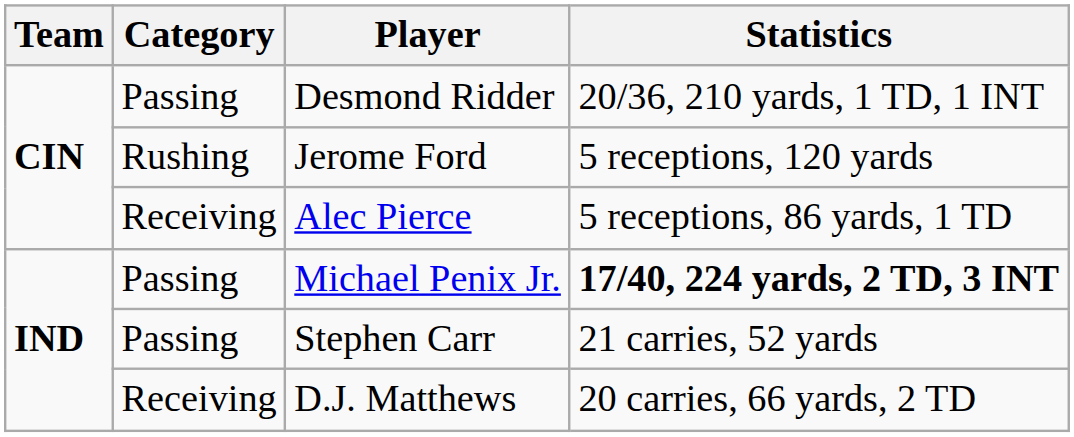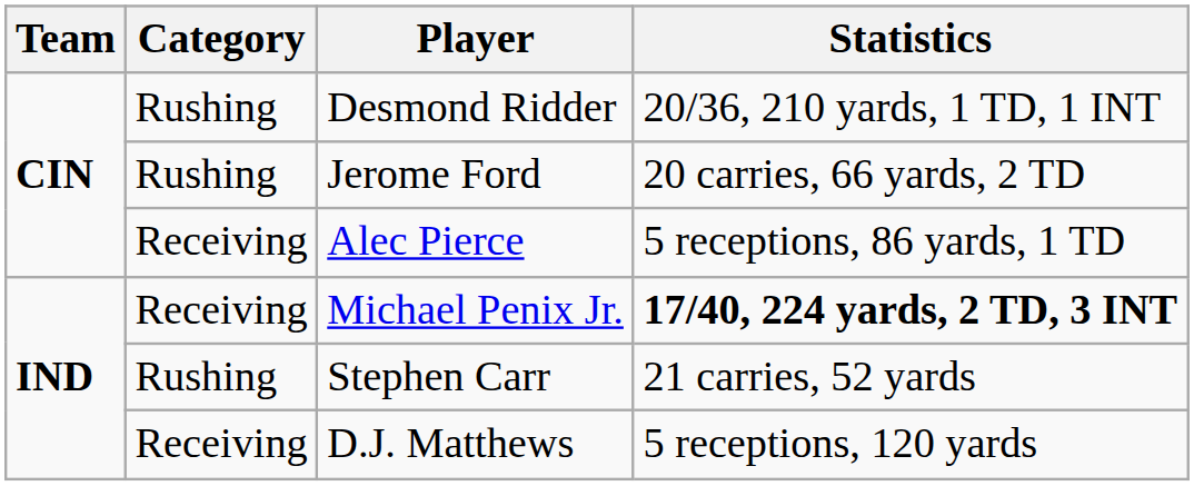 <table class="wikitable" style="float: left;">
 <tr>
 <th>Team</th>
 <th>Category</th>
 <th>Player</th>
 <th>Statistics</th>
 </tr>
 <tr>
 <td rowspan=3><strong>CIN</strong></td>
-<td>Passing</td>
+<td>Rushing</td>
 <td>Desmond Ridder</td>
 <td>20/36, 210 yards, 1 TD, 1 INT</td>
 </tr>
 <tr>
 <td>Rushing</td>
 <td>Jerome Ford</td>
-<td>5 receptions, 120 yards</td>
+<td>20 carries, 66 yards, 2 TD</td>
 </tr>
 <tr>
 <td>Receiving</td>
 <td><a href='#'>Alec Pierce</a></td>
 <td>5 receptions, 86 yards, 1 TD</td>
 </tr>
 <tr>
 <td rowspan=3><strong>IND</strong></td>
-<td>Passing</td>
+<td>Receiving</td>
 <td><a href='#'>Michael Penix Jr.</a></td>
 <td><strong>17/40, 224 yards, 2 TD, 3 INT</strong></td>
 </tr>
 <tr>
-<td>Passing</td>
+<td>Rushing</td>
 <td>Stephen Carr</td>
 <td>21 carries, 52 yards</td>
 </tr>
 <tr>
 <td>Receiving</td>
 <td>D.J. Matthews</td>
-<td>20 carries, 66 yards, 2 TD</td>
+<td>5 receptions, 120 yards</td>
 </tr>
 </table>
